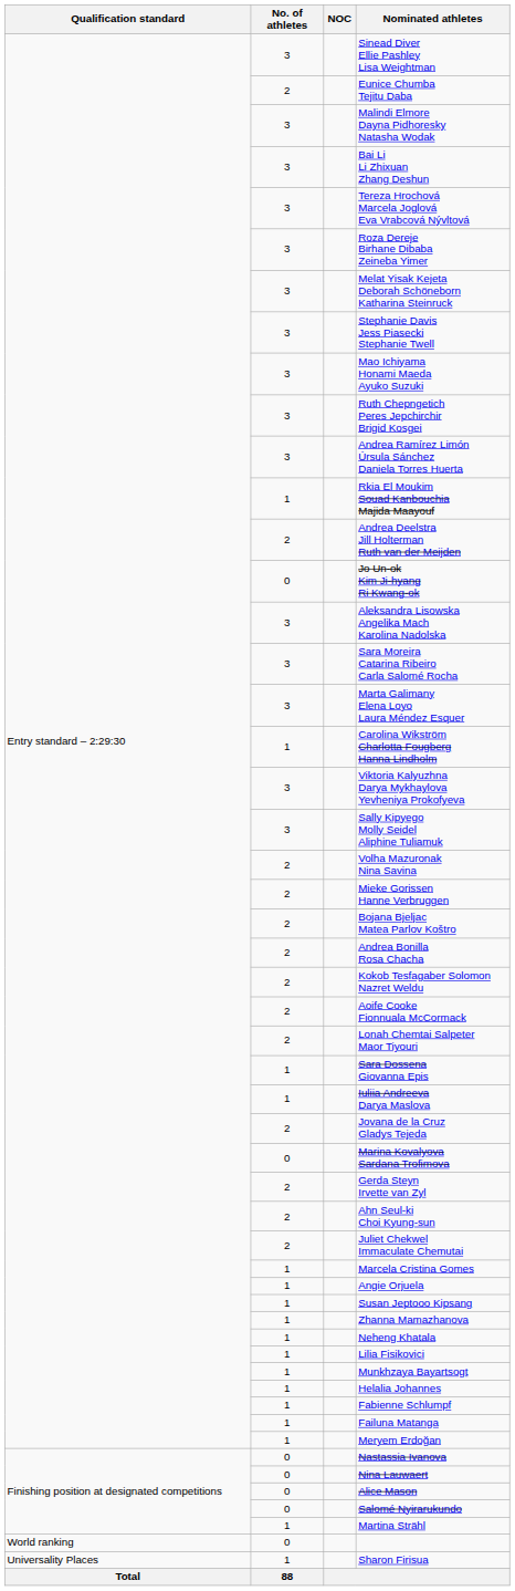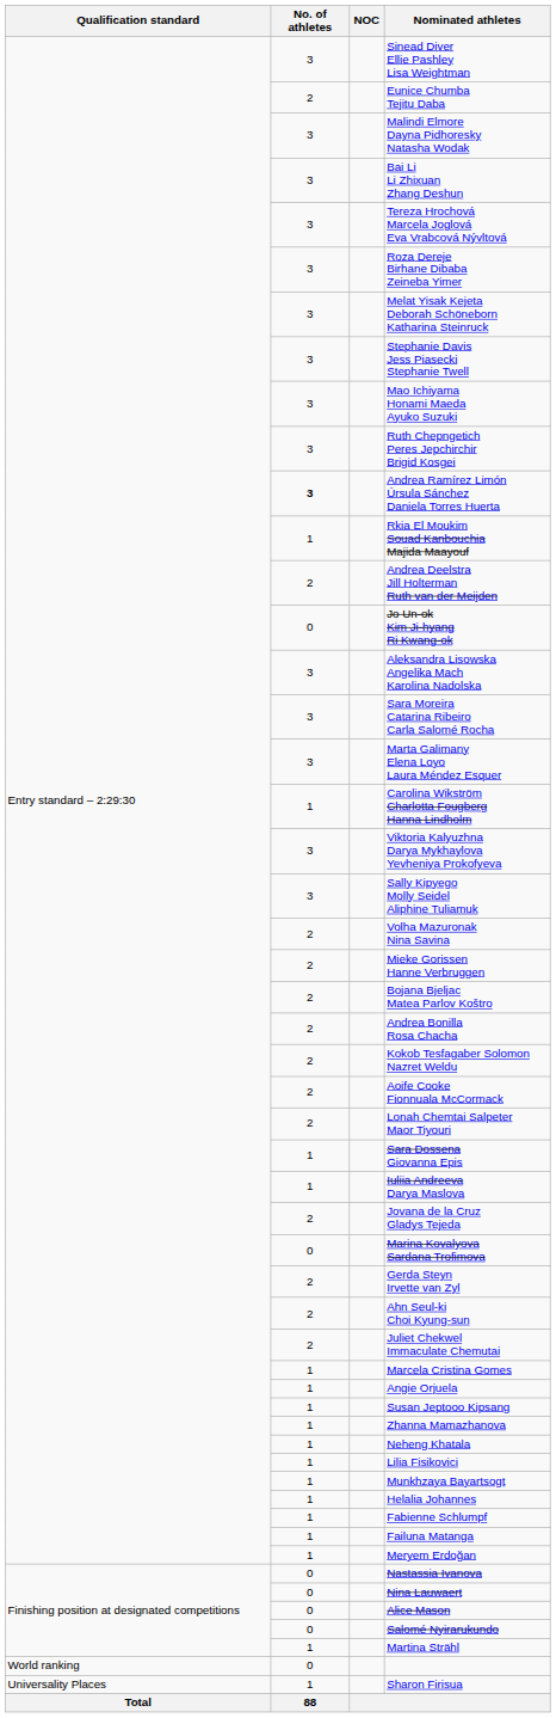 <table class="wikitable" style="text-align:left; width:750px;">
 <tr>
 <th>Qualification standard</th>
 <th width=100>No. of athletes</th>
 <th>NOC</th>
 <th>Nominated athletes</th>
 </tr>
 <tr>
 <td rowspan=45>Entry standard – 2:29:30</td>
 <td align=center>3</td>
 <td></td>
 <td><a href='#'>Sinead Diver</a><br><a href='#'>Ellie Pashley</a><br><a href='#'>Lisa Weightman</a></td>
 </tr>
 <tr>
 <td align=center>2</td>
 <td></td>
 <td><a href='#'>Eunice Chumba</a><br><a href='#'>Tejitu Daba</a><br><s></s></td>
 </tr>
 <tr>
 <td align=center>3</td>
 <td></td>
 <td><a href='#'>Malindi Elmore</a><br><a href='#'>Dayna Pidhoresky</a><br><a href='#'>Natasha Wodak</a></td>
 </tr>
 <tr>
 <td align=center>3</td>
 <td></td>
 <td><a href='#'>Bai Li</a><br><a href='#'>Li Zhixuan</a><br><a href='#'>Zhang Deshun</a></td>
 </tr>
 <tr>
 <td align=center>3</td>
 <td></td>
 <td><a href='#'>Tereza Hrochová</a><br><a href='#'>Marcela Joglová</a><br><a href='#'>Eva Vrabcová Nývltová</a></td>
 </tr>
 <tr>
 <td align=center>3</td>
 <td></td>
 <td><a href='#'>Roza Dereje</a><br><a href='#'>Birhane Dibaba</a><br><a href='#'>Zeineba Yimer</a></td>
 </tr>
 <tr>
 <td align=center>3</td>
 <td></td>
 <td><a href='#'>Melat Yisak Kejeta</a><br><a href='#'>Deborah Schöneborn</a><br><a href='#'>Katharina Steinruck</a></td>
 </tr>
 <tr>
 <td align=center>3</td>
 <td></td>
 <td><a href='#'>Stephanie Davis</a><br><a href='#'>Jess Piasecki</a><br><a href='#'>Stephanie Twell</a></td>
 </tr>
 <tr>
 <td align=center>3</td>
 <td></td>
 <td><a href='#'>Mao Ichiyama</a><br><a href='#'>Honami Maeda</a><br><a href='#'>Ayuko Suzuki</a></td>
 </tr>
 <tr>
 <td align=center>3</td>
 <td></td>
 <td><a href='#'>Ruth Chepngetich</a><br><a href='#'>Peres Jepchirchir</a><br><a href='#'>Brigid Kosgei</a></td>
 </tr>
 <tr>
-<td align=center>3</td>
+<td align=center><strong>3</strong></td>
 <td></td>
 <td><a href='#'>Andrea Ramírez Limón</a><br><a href='#'>Úrsula Sánchez</a><br><a href='#'>Daniela Torres Huerta</a></td>
 </tr>
 <tr>
 <td align=center>1</td>
 <td></td>
 <td><a href='#'>Rkia El Moukim</a><br><s><a href='#'>Souad Kanbouchia</a><br>Majida Maayouf</s></td>
 </tr>
 <tr>
 <td align=center>2</td>
 <td></td>
 <td><a href='#'>Andrea Deelstra</a><br><a href='#'>Jill Holterman</a><br><s><a href='#'>Ruth van der Meijden</a></s></td>
 </tr>
 <tr>
 <td align=center>0</td>
 <td><s> </s></td>
 <td><s>Jo Un-ok<br><a href='#'>Kim Ji-hyang</a><br><a href='#'>Ri Kwang-ok</a></s></td>
 </tr>
 <tr>
 <td align=center>3</td>
 <td></td>
 <td><a href='#'>Aleksandra Lisowska</a><br><a href='#'>Angelika Mach</a><br><a href='#'>Karolina Nadolska</a></td>
 </tr>
 <tr>
 <td align=center>3</td>
 <td></td>
 <td><a href='#'>Sara Moreira</a><br><a href='#'>Catarina Ribeiro</a><br><a href='#'>Carla Salomé Rocha</a></td>
 </tr>
 <tr>
 <td align=center>3</td>
 <td></td>
 <td><a href='#'>Marta Galimany</a><br><a href='#'>Elena Loyo</a><br><a href='#'>Laura Méndez Esquer</a></td>
 </tr>
 <tr>
 <td align=center>1</td>
 <td></td>
 <td><a href='#'>Carolina Wikström</a><br><s><a href='#'>Charlotta Fougberg</a><br><a href='#'>Hanna Lindholm</a></s></td>
 </tr>
 <tr>
 <td align=center>3</td>
 <td></td>
 <td><a href='#'>Viktoria Kalyuzhna</a><br><a href='#'>Darya Mykhaylova</a><br><a href='#'>Yevheniya Prokofyeva</a></td>
 </tr>
 <tr>
 <td align=center>3</td>
 <td></td>
 <td><a href='#'>Sally Kipyego</a><br> <a href='#'>Molly Seidel</a><br> <a href='#'>Aliphine Tuliamuk</a></td>
 </tr>
 <tr>
 <td align=center>2</td>
 <td></td>
 <td><a href='#'>Volha Mazuronak</a><br><a href='#'>Nina Savina</a></td>
 </tr>
 <tr>
 <td align=center>2</td>
 <td></td>
 <td><a href='#'>Mieke Gorissen</a><br><a href='#'>Hanne Verbruggen</a></td>
 </tr>
 <tr>
 <td align=center>2</td>
 <td></td>
 <td><a href='#'>Bojana Bjeljac</a><br><a href='#'>Matea Parlov Koštro</a></td>
 </tr>
 <tr>
 <td align=center>2</td>
 <td></td>
 <td><a href='#'>Andrea Bonilla</a><br><a href='#'>Rosa Chacha</a></td>
 </tr>
 <tr>
 <td align=center>2</td>
 <td></td>
 <td><a href='#'>Kokob Tesfagaber Solomon</a><br><a href='#'>Nazret Weldu</a></td>
 </tr>
 <tr>
 <td align=center>2</td>
 <td></td>
 <td><a href='#'>Aoife Cooke</a><br><a href='#'>Fionnuala McCormack</a></td>
 </tr>
 <tr>
 <td align=center>2</td>
 <td></td>
 <td><a href='#'>Lonah Chemtai Salpeter</a><br><a href='#'>Maor Tiyouri</a></td>
 </tr>
 <tr>
 <td align=center>1</td>
 <td></td>
 <td><s><a href='#'>Sara Dossena</a></s><br><a href='#'>Giovanna Epis</a></td>
 </tr>
 <tr>
 <td align=center>1</td>
 <td></td>
 <td><s><a href='#'>Iuliia Andreeva</a></s><br><a href='#'>Darya Maslova</a></td>
 </tr>
 <tr>
 <td align=center>2</td>
 <td></td>
 <td><a href='#'>Jovana de la Cruz</a><br><a href='#'>Gladys Tejeda</a></td>
 </tr>
 <tr>
 <td align=center>0</td>
 <td></td>
 <td><s><a href='#'>Marina Kovalyova</a></s><br><s><a href='#'>Sardana Trofimova</a></s><br></td>
 </tr>
 <tr>
 <td align=center>2</td>
 <td></td>
 <td><a href='#'>Gerda Steyn</a><br><a href='#'>Irvette van Zyl</a></td>
 </tr>
 <tr>
 <td align=center>2</td>
 <td></td>
 <td><a href='#'>Ahn Seul-ki</a><br><a href='#'>Choi Kyung-sun</a></td>
 </tr>
 <tr>
 <td align=center>2</td>
 <td></td>
 <td><a href='#'>Juliet Chekwel</a><br><a href='#'>Immaculate Chemutai</a></td>
 </tr>
 <tr>
 <td align=center>1</td>
 <td></td>
 <td><a href='#'>Marcela Cristina Gomes</a></td>
 </tr>
 <tr>
 <td align=center>1</td>
 <td></td>
 <td><a href='#'>Angie Orjuela</a></td>
 </tr>
 <tr>
 <td align=center>1</td>
 <td></td>
 <td><a href='#'>Susan Jeptooo Kipsang</a></td>
 </tr>
 <tr>
 <td align=center>1</td>
 <td></td>
 <td><a href='#'>Zhanna Mamazhanova</a></td>
 </tr>
 <tr>
 <td align=center>1</td>
 <td></td>
 <td><a href='#'>Neheng Khatala</a></td>
 </tr>
 <tr>
 <td align=center>1</td>
 <td></td>
 <td><a href='#'>Lilia Fisikovici</a></td>
 </tr>
 <tr>
 <td align=center>1</td>
 <td></td>
 <td><a href='#'>Munkhzaya Bayartsogt</a></td>
 </tr>
 <tr>
 <td align=center>1</td>
 <td></td>
 <td><a href='#'>Helalia Johannes</a></td>
 </tr>
 <tr>
 <td align=center>1</td>
 <td></td>
 <td><a href='#'>Fabienne Schlumpf</a></td>
 </tr>
 <tr>
 <td align=center>1</td>
 <td></td>
 <td><a href='#'>Failuna Matanga</a></td>
 </tr>
 <tr>
 <td align=center>1</td>
 <td></td>
 <td><a href='#'>Meryem Erdoğan</a></td>
 </tr>
 <tr>
 <td rowspan=5>Finishing position at designated competitions</td>
 <td align=center>0</td>
 <td></td>
 <td><s><a href='#'>Nastassia Ivanova</a></s></td>
 </tr>
 <tr>
 <td align=center>0</td>
 <td></td>
 <td><s><a href='#'>Nina Lauwaert</a></s></td>
 </tr>
 <tr>
 <td align=center>0</td>
 <td></td>
 <td><s><a href='#'>Alice Mason</a></s></td>
 </tr>
 <tr>
 <td align=center>0</td>
 <td></td>
 <td><s><a href='#'>Salomé Nyirarukundo</a></s></td>
 </tr>
 <tr>
 <td align=center>1</td>
 <td></td>
 <td><a href='#'>Martina Strähl</a></td>
 </tr>
 <tr>
 <td>World ranking</td>
 <td align=center>0</td>
 <td></td>
 <td></td>
 </tr>
 <tr>
 <td>Universality Places</td>
 <td align=center>1</td>
 <td></td>
 <td><a href='#'>Sharon Firisua</a></td>
 </tr>
 <tr>
 <th>Total</th>
 <th>88</th>
 <th colspan=2></th>
 </tr>
 </table>
